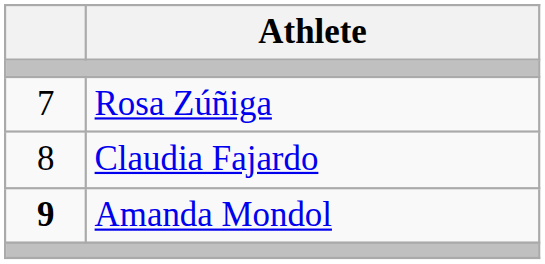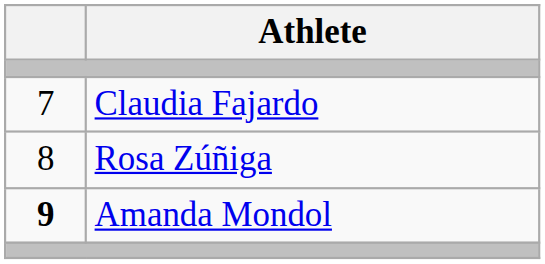 <table class="wikitable">
 <tr>
 <th width="30"></th>
 <th width="200">Athlete</th>
 </tr>
 <tr bgcolor="C0C0C0">
 <td colspan=2></td>
 </tr>
 <tr>
 <td align="center">7</td>
-<td> <a href='#'>Rosa Zúñiga</a></td>
+<td> <a href='#'>Claudia Fajardo</a></td>
 </tr>
 <tr>
 <td align="center">8</td>
-<td> <a href='#'>Claudia Fajardo</a></td>
+<td> <a href='#'>Rosa Zúñiga</a></td>
 </tr>
 <tr>
 <td align="center"><strong>9</strong></td>
 <td> <a href='#'>Amanda Mondol</a></td>
 </tr>
 <tr bgcolor="C0C0C0">
 <td colspan=2></td>
 </tr>
 </table>
